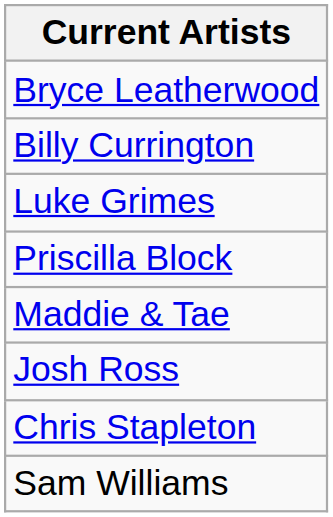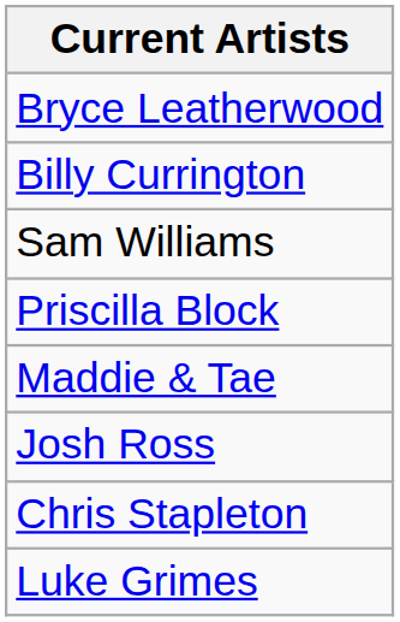 <table class="wikitable">
 <tr>
 <th>Current Artists</th>
 </tr>
 <tr>
 <td><a href='#'>Bryce Leatherwood</a></td>
 </tr>
 <tr>
 <td><a href='#'>Billy Currington</a></td>
 </tr>
 <tr>
-<td><a href='#'>Luke Grimes</a></td>
+<td>Sam Williams</td>
 </tr>
 <tr>
 <td><a href='#'>Priscilla Block</a></td>
 </tr>
 <tr>
 <td><a href='#'>Maddie & Tae</a></td>
 </tr>
 <tr>
 <td><a href='#'>Josh Ross</a></td>
 </tr>
 <tr>
 <td><a href='#'>Chris Stapleton</a></td>
 </tr>
 <tr>
-<td>Sam Williams</td>
+<td><a href='#'>Luke Grimes</a></td>
 </tr>
 </table>
